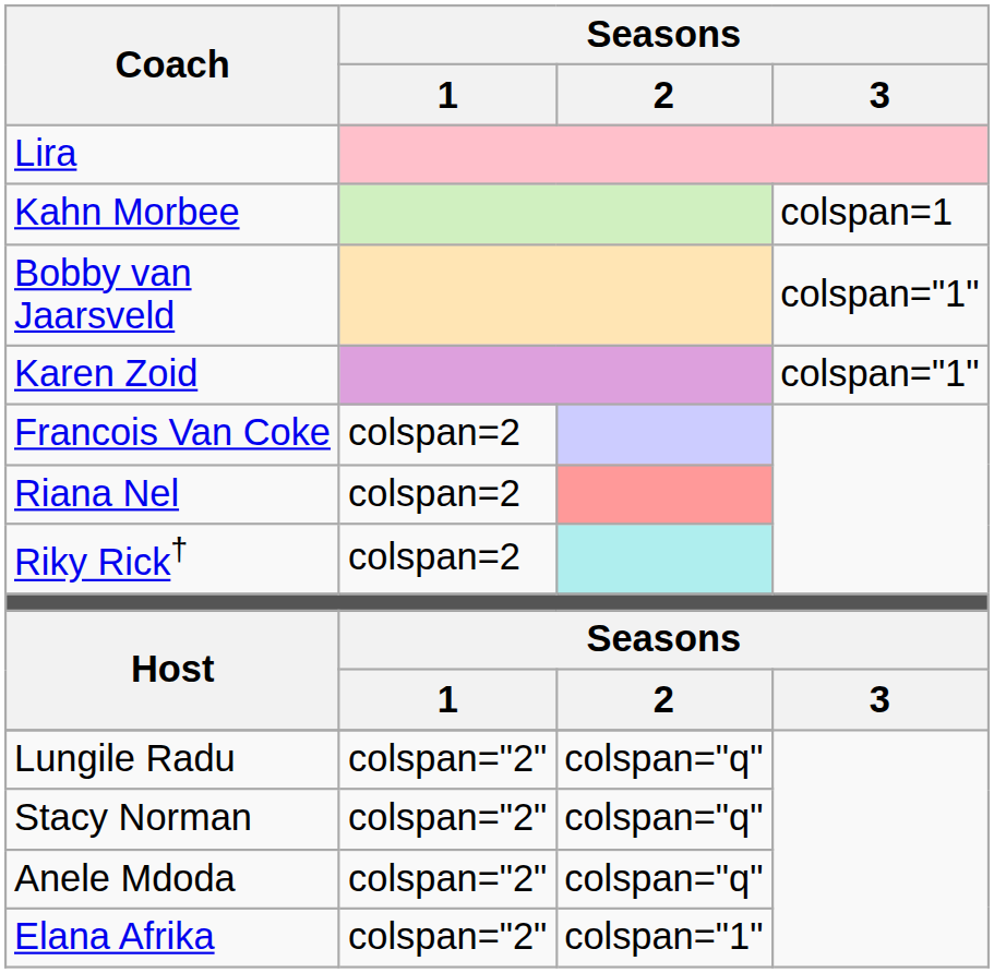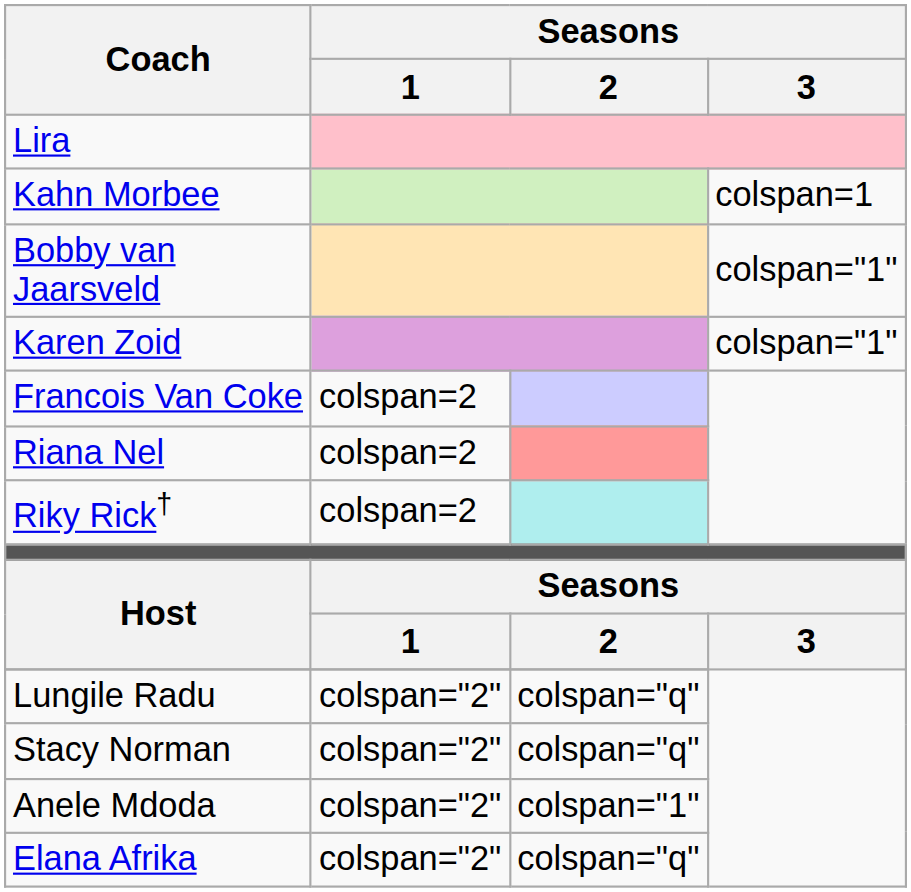 <table class="wikitable" width:"80%">
 <tr>
 <th rowspan="2" colspan="1"  width="135">Coach</th>
 <th colspan="3" style="text-align:center;">Seasons</th>
 </tr>
 <tr>
 <th ! width="40">1</th>
 <th ! width="40">2</th>
 <th ! width="40">3</th>
 </tr>
 <tr>
 <td><a href='#'>Lira</a></td>
 <td colspan="3" style="background:pink"></td>
 </tr>
 <tr>
 <td><a href='#'>Kahn Morbee</a></td>
 <td colspan="2" style="background:#d0f0c0"></td>
 <td>colspan=1 </td>
 </tr>
 <tr>
 <td><a href='#'>Bobby van Jaarsveld</a></td>
 <td colspan="2" style="background:#ffe5b4"></td>
 <td>colspan="1" </td>
 </tr>
 <tr>
 <td><a href='#'>Karen Zoid</a></td>
 <td colspan="2" style="background:plum"></td>
 <td>colspan="1" </td>
 </tr>
 <tr>
 <td><a href='#'>Francois Van Coke</a></td>
 <td>colspan=2 </td>
 <td colspan="1" style="background:#ccf"></td>
 </tr>
 <tr>
 <td><a href='#'>Riana Nel</a></td>
 <td>colspan=2 </td>
 <td colspan="1" style="background:#f99"></td>
 </tr>
 <tr>
 <td><a href='#'>Riky Rick</a><sup>†</sup></td>
 <td>colspan=2 </td>
 <td colspan="1" style="background:#afeeee"></td>
 </tr>
 <tr>
 <td colspan="4" bgcolor="#555"></td>
 </tr>
 <tr>
 <th rowspan="2">Host</th>
 <th colspan="6" =text-align:center;>Seasons</th>
 </tr>
 <tr>
 <th ! width="40">1</th>
 <th ! width="40">2</th>
 <th ! width="40">3</th>
 </tr>
 <tr>
 </tr>
 <tr>
 <td>Lungile Radu</td>
 <td>colspan="2" </td>
 <td>colspan="q" </td>
 </tr>
 <tr>
 <td>Stacy Norman</td>
 <td>colspan="2" </td>
 <td>colspan="q" </td>
 </tr>
 <tr>
 <td>Anele Mdoda</td>
 <td>colspan="2" </td>
-<td>colspan="q" </td>
+<td>colspan="1" </td>
 </tr>
 <tr>
 <td><a href='#'>Elana Afrika</a></td>
 <td>colspan="2" </td>
-<td>colspan="1" </td>
+<td>colspan="q" </td>
 </tr>
 </table>
